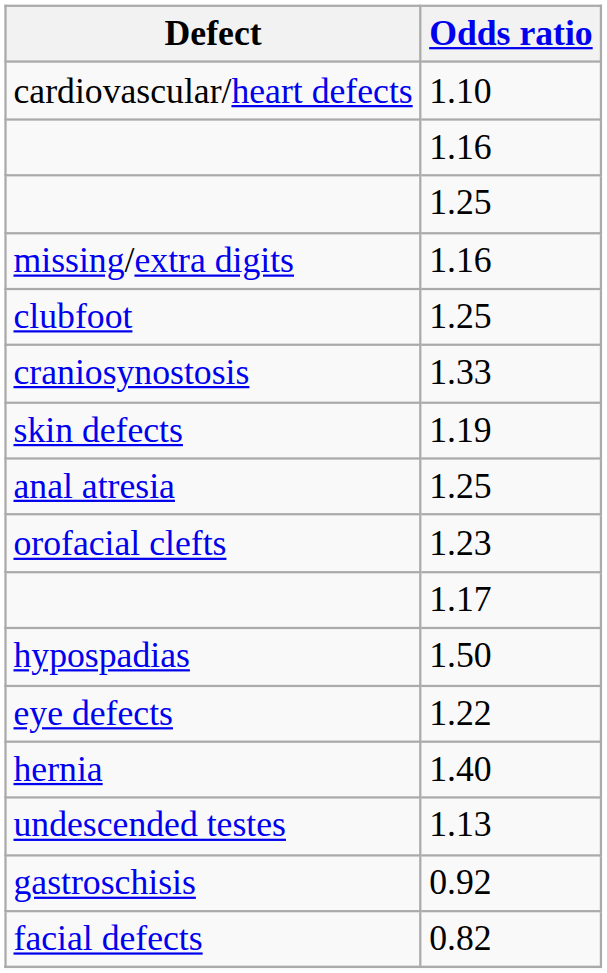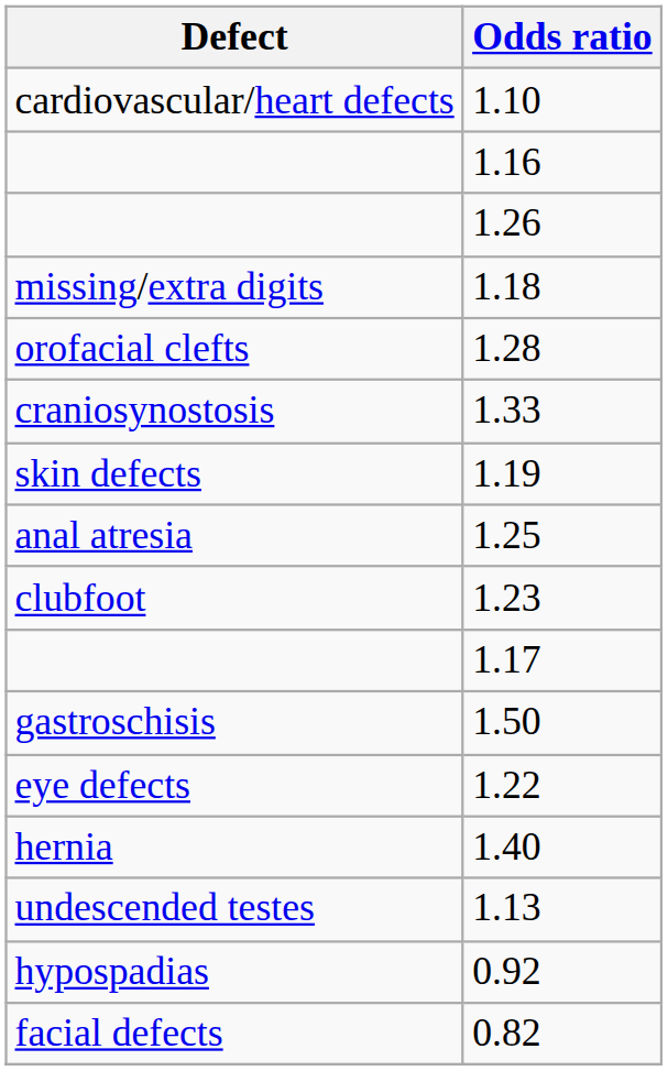 <table class="wikitable" align="right">
 <tr>
 <th>Defect</th>
 <th><a href='#'>Odds ratio</a></th>
 </tr>
 <tr>
 <td>cardiovascular/<a href='#'>heart defects</a></td>
 <td>1.10</td>
 </tr>
 <tr>
 <td></td>
 <td>1.16</td>
 </tr>
 <tr>
 <td></td>
-<td>1.25</td>
+<td>1.26</td>
 </tr>
 <tr>
 <td><a href='#'>missing</a>/<a href='#'>extra digits</a></td>
-<td>1.16</td>
+<td>1.18</td>
 </tr>
 <tr>
-<td><a href='#'>clubfoot</a></td>
-<td>1.25</td>
+<td><a href='#'>orofacial clefts</a></td>
+<td>1.28</td>
 </tr>
 <tr>
 <td><a href='#'>craniosynostosis</a></td>
 <td>1.33</td>
 </tr>
 <tr>
 <td><a href='#'>skin defects</a></td>
 <td>1.19</td>
 </tr>
 <tr>
 <td><a href='#'>anal atresia</a></td>
 <td>1.25</td>
 </tr>
 <tr>
-<td><a href='#'>orofacial clefts</a></td>
+<td><a href='#'>clubfoot</a></td>
 <td>1.23</td>
 </tr>
 <tr>
 <td></td>
 <td>1.17</td>
 </tr>
 <tr>
-<td><a href='#'>hypospadias</a></td>
+<td><a href='#'>gastroschisis</a></td>
 <td>1.50</td>
 </tr>
 <tr>
 <td><a href='#'>eye defects</a></td>
 <td>1.22</td>
 </tr>
 <tr>
 <td><a href='#'>hernia</a></td>
 <td>1.40</td>
 </tr>
 <tr>
 <td><a href='#'>undescended testes</a></td>
 <td>1.13</td>
 </tr>
 <tr>
-<td><a href='#'>gastroschisis</a></td>
+<td><a href='#'>hypospadias</a></td>
 <td>0.92</td>
 </tr>
 <tr>
 <td><a href='#'>facial defects</a></td>
 <td>0.82</td>
 </tr>
 <tr>
 </tr>
 </table>
